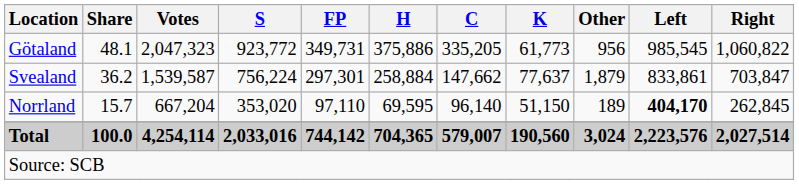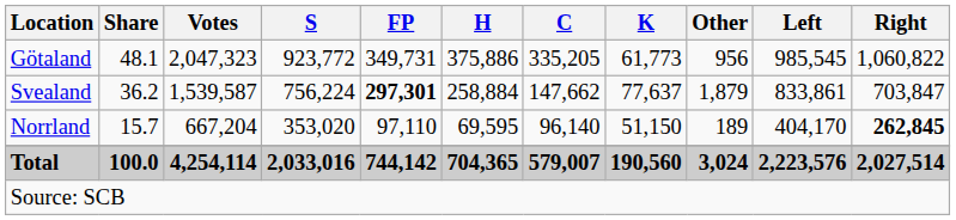 <table class="wikitable sortable" style=text-align:right>
 <tr>
 <th>Location</th>
 <th>Share</th>
 <th>Votes</th>
 <th><a href='#'>S</a></th>
 <th><a href='#'>FP</a></th>
 <th><a href='#'>H</a></th>
 <th><a href='#'>C</a></th>
 <th><a href='#'>K</a></th>
 <th>Other</th>
 <th>Left</th>
 <th>Right</th>
 </tr>
 <tr>
 <td align=left><a href='#'>Götaland</a></td>
 <td>48.1</td>
 <td>2,047,323</td>
 <td>923,772</td>
 <td>349,731</td>
 <td>375,886</td>
 <td>335,205</td>
 <td>61,773</td>
 <td>956</td>
 <td>985,545</td>
 <td>1,060,822</td>
 </tr>
 <tr>
 <td align=left><a href='#'>Svealand</a></td>
 <td>36.2</td>
 <td>1,539,587</td>
 <td>756,224</td>
-<td>297,301</td>
+<td><strong>297,301</strong></td>
 <td>258,884</td>
 <td>147,662</td>
 <td>77,637</td>
 <td>1,879</td>
 <td>833,861</td>
 <td>703,847</td>
 </tr>
 <tr>
 <td align=left><a href='#'>Norrland</a></td>
 <td>15.7</td>
 <td>667,204</td>
 <td>353,020</td>
 <td>97,110</td>
 <td>69,595</td>
 <td>96,140</td>
 <td>51,150</td>
 <td>189</td>
-<td><strong>404,170</strong></td>
-<td>262,845</td>
+<td>404,170</td>
+<td><strong>262,845</strong></td>
 </tr>
 <tr>
 </tr>
 <tr style="background:#CDCDCD;">
 <td align=left><strong>Total</strong></td>
 <td><strong>100.0</strong></td>
 <td><strong>4,254,114</strong></td>
 <td><strong>2,033,016</strong></td>
 <td><strong>744,142</strong></td>
 <td><strong>704,365</strong></td>
 <td><strong>579,007</strong></td>
 <td><strong>190,560</strong></td>
 <td><strong>3,024</strong></td>
 <td><strong>2,223,576</strong></td>
 <td><strong>2,027,514</strong></td>
 </tr>
 <tr>
 <td align=left colspan=11>Source: SCB </td>
 </tr>
 </table>
